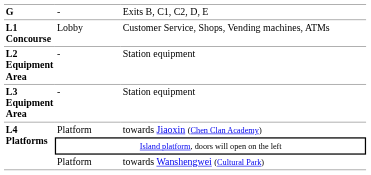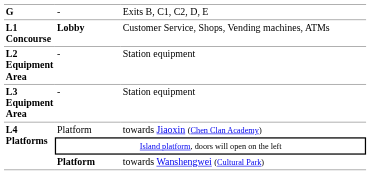 <table table border=0 cellspacing=0 cellpadding=3>
 <tr>
 <td style="border-top:solid 1px gray;" width=50 valign=top><strong>G</strong></td>
 <td style="border-top:solid 1px gray;" width=100 valign=top>-</td>
 <td style="border-top:solid 1px gray;" width=390 valign=top>Exits B, C1, C2, D, E</td>
 </tr>
 <tr>
 <td style="border-bottom:solid 0px gray; border-top:solid 1px gray;" valign=top><strong>L1<br>Concourse</strong></td>
-<td style="border-bottom:solid 0px gray; border-top:solid 1px gray;" valign=top>Lobby</td>
+<td style="border-bottom:solid 0px gray; border-top:solid 1px gray;" valign=top><strong>Lobby</strong></td>
 <td style="border-bottom:solid 0px gray; border-top:solid 1px gray;" valign=top>Customer Service, Shops, Vending machines, ATMs</td>
 </tr>
 <tr>
 <td style="border-bottom:solid 0px gray; border-top:solid 1px gray;" valign=top><strong>L2<br>Equipment Area</strong></td>
 <td style="border-bottom:solid 0px gray; border-top:solid 1px gray;" valign=top>-</td>
 <td style="border-bottom:solid 0px gray; border-top:solid 1px gray;" valign=top>Station equipment</td>
 </tr>
 <tr>
 <td style="border-bottom:solid 0px gray; border-top:solid 1px gray;" valign=top><strong>L3<br>Equipment Area</strong></td>
 <td style="border-bottom:solid 0px gray; border-top:solid 1px gray;" valign=top>-</td>
 <td style="border-bottom:solid 0px gray; border-top:solid 1px gray;" valign=top>Station equipment</td>
 </tr>
 <tr>
 <td style="border-bottom:solid 1px gray; border-top:solid 1px gray;" valign=top rowspan=4><strong>L4<br>Platforms</strong></td>
 </tr>
 <tr>
 <td style="border-top:solid 1px gray;">Platform </td>
 <td style="border-top:solid 1px gray;">  towards <a href='#'>Jiaoxin</a> <small>(<a href='#'>Chen Clan Academy</a>)</small></td>
 </tr>
 <tr>
 <td style="border-top:solid 2px black;border-right:solid 2px black;border-left:solid 2px black;border-bottom:solid 2px black;text-align:center;" colspan=2><small><a href='#'>Island platform</a>, doors will open on the left</small></td>
 </tr>
 <tr>
-<td style="border-bottom:solid 1px gray;">Platform </td>
+<td style="border-bottom:solid 1px gray;"><strong>Platform </strong></td>
 <td style="border-bottom:solid 1px gray;"> towards <a href='#'>Wanshengwei</a> <small>(<a href='#'>Cultural Park</a>)</small> </td>
 </tr>
 <tr>
 </tr>
 </table>
